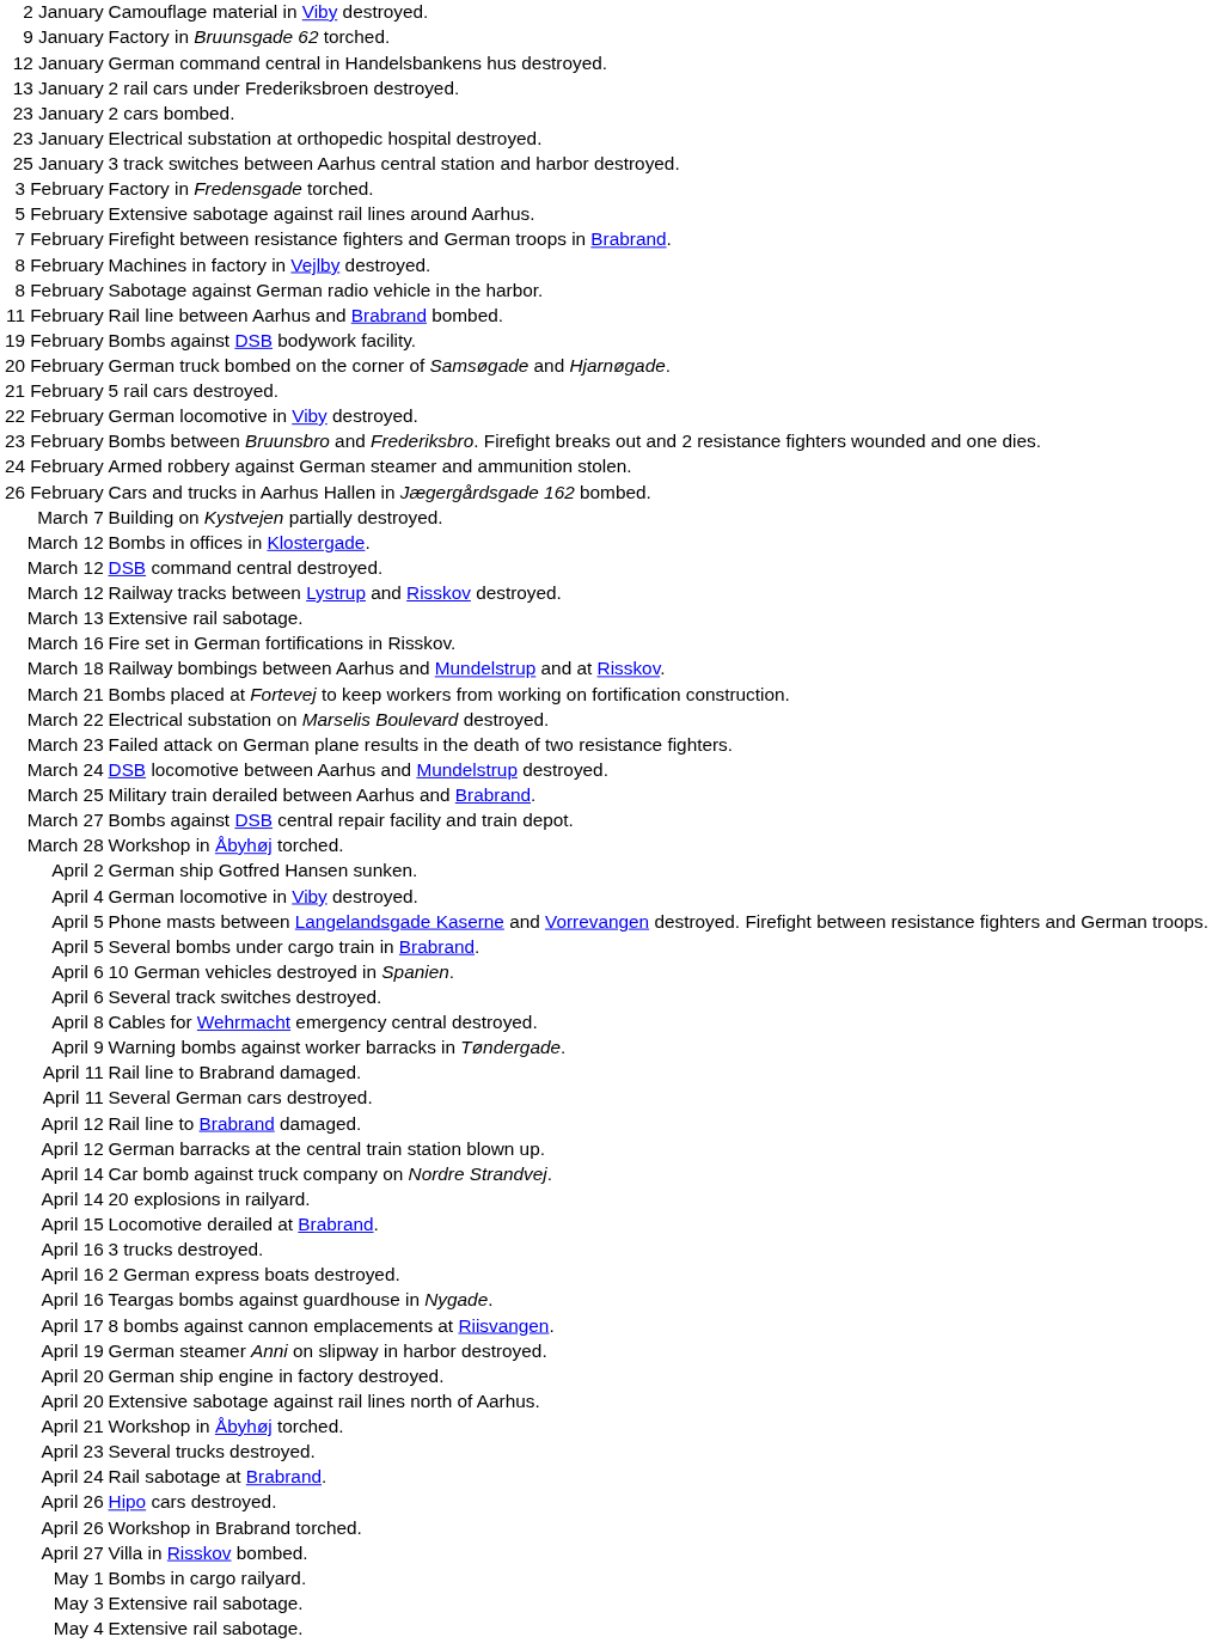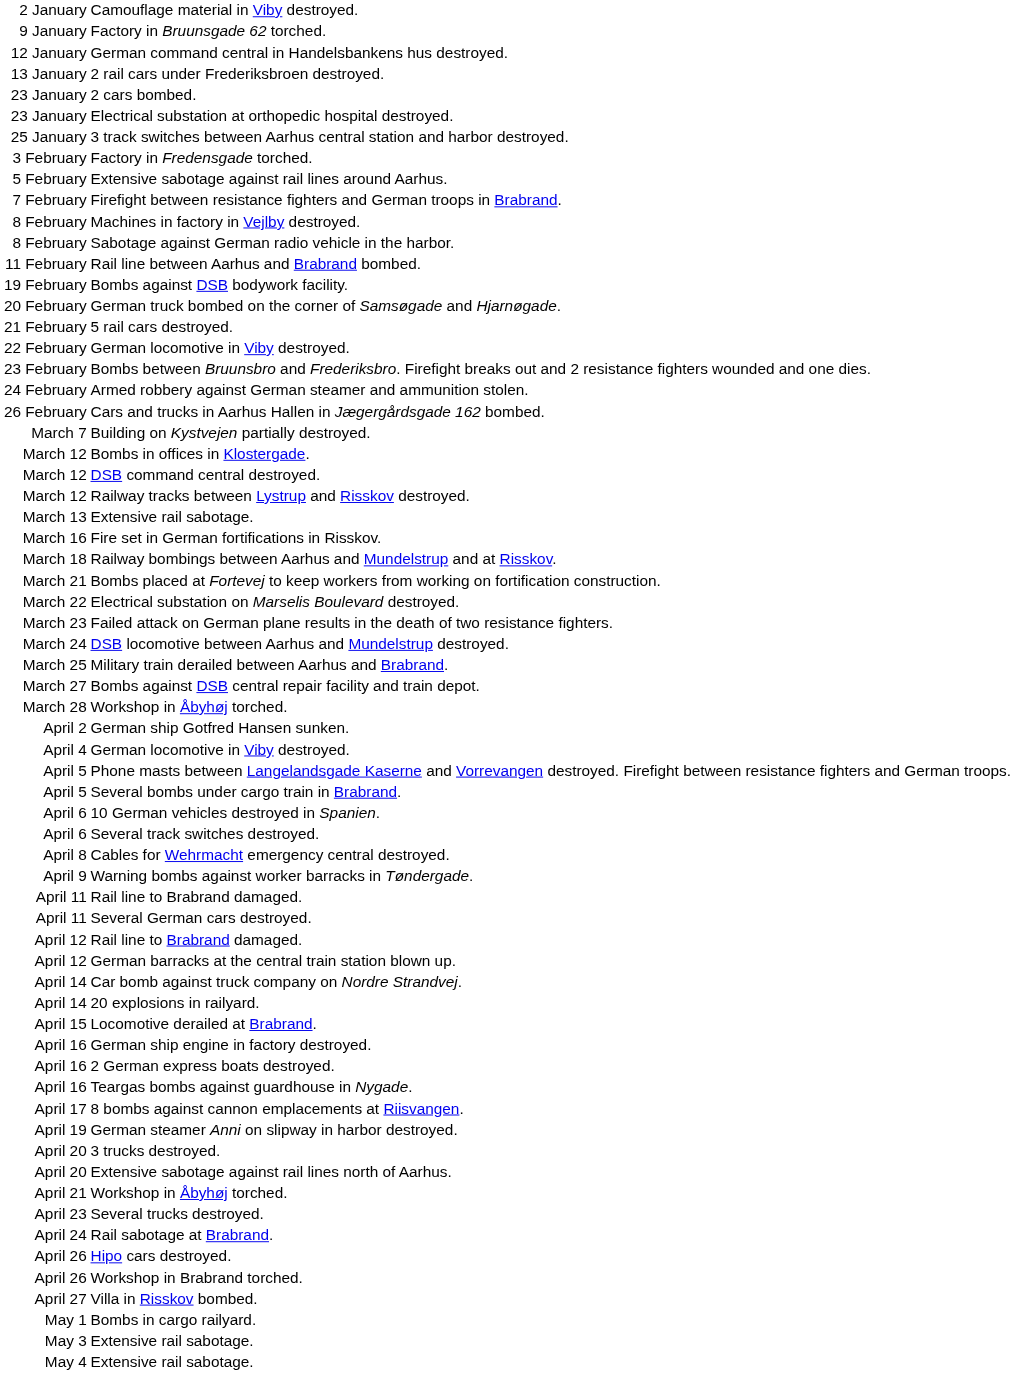 <table>
 <tr>
 <td align="right">2 January</td>
 <td>Camouflage material in <a href='#'>Viby</a> destroyed.</td>
 </tr>
 <tr>
 <td align="right">9 January</td>
 <td>Factory in <em>Bruunsgade 62</em> torched.</td>
 </tr>
 <tr>
 <td align="right">12 January</td>
 <td>German command central in Handelsbankens hus destroyed.</td>
 </tr>
 <tr>
 <td align="right">13 January</td>
 <td>2 rail cars under Frederiksbroen destroyed.</td>
 </tr>
 <tr>
 <td align="right">23 January</td>
 <td>2 cars bombed.</td>
 </tr>
 <tr>
 <td align="right">23 January</td>
 <td>Electrical substation at orthopedic hospital destroyed.</td>
 </tr>
 <tr>
 <td align="right">25 January</td>
 <td>3 track switches between Aarhus central station and harbor destroyed.</td>
 </tr>
 <tr>
 <td align="right">3 February</td>
 <td>Factory in <em>Fredensgade</em> torched.</td>
 </tr>
 <tr>
 <td align="right">5 February</td>
 <td>Extensive sabotage against rail lines around Aarhus.</td>
 </tr>
 <tr>
 <td align="right">7 February</td>
 <td>Firefight between resistance fighters and German troops in <a href='#'>Brabrand</a>.</td>
 </tr>
 <tr>
 <td align="right">8 February</td>
 <td>Machines in factory in <a href='#'>Vejlby</a> destroyed.</td>
 </tr>
 <tr>
 <td align="right">8 February</td>
 <td>Sabotage against German radio vehicle in the harbor.</td>
 </tr>
 <tr>
 <td align="right">11 February</td>
 <td>Rail line between Aarhus and <a href='#'>Brabrand</a> bombed.</td>
 </tr>
 <tr>
 <td align="right">19 February</td>
 <td>Bombs against <a href='#'>DSB</a> bodywork facility.</td>
 </tr>
 <tr>
 <td align="right">20 February</td>
 <td>German truck bombed on the corner of <em>Samsøgade</em> and <em>Hjarnøgade</em>.</td>
 </tr>
 <tr>
 <td align="right">21 February</td>
 <td>5 rail cars destroyed.</td>
 </tr>
 <tr>
 <td align="right">22 February</td>
 <td>German locomotive in <a href='#'>Viby</a> destroyed.</td>
 </tr>
 <tr>
 <td align="right">23 February</td>
 <td>Bombs between <em>Bruunsbro</em> and <em>Frederiksbro</em>. Firefight breaks out and 2 resistance fighters wounded and one dies.</td>
 </tr>
 <tr>
 <td align="right">24 February</td>
 <td>Armed robbery against German steamer and ammunition stolen.</td>
 </tr>
 <tr>
 <td align="right">26 February</td>
 <td>Cars and trucks in Aarhus Hallen in <em>Jægergårdsgade 162</em> bombed.</td>
 </tr>
 <tr>
 <td align="right">March 7</td>
 <td>Building on <em>Kystvejen</em> partially destroyed.</td>
 </tr>
 <tr>
 <td align="right">March 12</td>
 <td>Bombs in offices in <a href='#'>Klostergade</a>.</td>
 </tr>
 <tr>
 <td align="right">March 12</td>
 <td><a href='#'>DSB</a> command central destroyed.</td>
 </tr>
 <tr>
 <td align="right">March 12</td>
 <td>Railway tracks between <a href='#'>Lystrup</a> and <a href='#'>Risskov</a> destroyed.</td>
 </tr>
 <tr>
 <td align="right">March 13</td>
 <td>Extensive rail sabotage.</td>
 </tr>
 <tr>
 <td align="right">March 16</td>
 <td>Fire set in German fortifications in Risskov.</td>
 </tr>
 <tr>
 <td align="right">March 18</td>
 <td>Railway bombings between Aarhus and <a href='#'>Mundelstrup</a> and at <a href='#'>Risskov</a>.</td>
 </tr>
 <tr>
 <td align="right">March 21</td>
 <td>Bombs placed at <em>Fortevej</em> to keep workers from working on fortification construction.</td>
 </tr>
 <tr>
 <td align="right">March 22</td>
 <td>Electrical substation on <em>Marselis Boulevard</em> destroyed.</td>
 </tr>
 <tr>
 <td align="right">March 23</td>
 <td>Failed attack on German plane results in the death of two resistance fighters.</td>
 </tr>
 <tr>
 <td align="right">March 24</td>
 <td><a href='#'>DSB</a> locomotive between Aarhus and <a href='#'>Mundelstrup</a> destroyed.</td>
 </tr>
 <tr>
 <td align="right">March 25</td>
 <td>Military train derailed between Aarhus and <a href='#'>Brabrand</a>.</td>
 </tr>
 <tr>
 <td align="right">March 27</td>
 <td>Bombs against <a href='#'>DSB</a> central repair facility and train depot.</td>
 </tr>
 <tr>
 <td align="right">March 28</td>
 <td>Workshop in <a href='#'>Åbyhøj</a> torched.</td>
 </tr>
 <tr>
 <td align="right">April 2</td>
 <td>German ship Gotfred Hansen sunken.</td>
 </tr>
 <tr>
 <td align="right">April 4</td>
 <td>German locomotive in <a href='#'>Viby</a> destroyed.</td>
 </tr>
 <tr>
 <td align="right">April 5</td>
 <td>Phone masts between <a href='#'>Langelandsgade Kaserne</a> and <a href='#'>Vorrevangen</a> destroyed. Firefight between resistance fighters and German troops.</td>
 </tr>
 <tr>
 <td align="right">April 5</td>
 <td>Several bombs under cargo train in <a href='#'>Brabrand</a>.</td>
 </tr>
 <tr>
 <td align="right">April 6</td>
 <td>10 German vehicles destroyed in <em>Spanien</em>.</td>
 </tr>
 <tr>
 <td align="right">April 6</td>
 <td>Several track switches destroyed.</td>
 </tr>
 <tr>
 <td align="right">April 8</td>
 <td>Cables for <a href='#'>Wehrmacht</a> emergency central destroyed.</td>
 </tr>
 <tr>
 <td align="right">April 9</td>
 <td>Warning bombs against worker barracks in <em>Tøndergade</em>.</td>
 </tr>
 <tr>
 <td align="right">April 11</td>
 <td>Rail line to Brabrand damaged.</td>
 </tr>
 <tr>
 <td align="right">April 11</td>
 <td>Several German cars destroyed.</td>
 </tr>
 <tr>
 <td align="right">April 12</td>
 <td>Rail line to <a href='#'>Brabrand</a> damaged.</td>
 </tr>
 <tr>
 <td align="right">April 12</td>
 <td>German barracks at the central train station blown up.</td>
 </tr>
 <tr>
 <td align="right">April 14</td>
 <td>Car bomb against truck company on <em>Nordre Strandvej</em>.</td>
 </tr>
 <tr>
 <td align="right">April 14</td>
 <td>20 explosions in railyard.</td>
 </tr>
 <tr>
 <td align="right">April 15</td>
 <td>Locomotive derailed at <a href='#'>Brabrand</a>.</td>
 </tr>
 <tr>
 <td align="right">April 16</td>
-<td>3 trucks destroyed.</td>
+<td>German ship engine in factory destroyed.</td>
 </tr>
 <tr>
 <td align="right">April 16</td>
 <td>2 German express boats destroyed.</td>
 </tr>
 <tr>
 <td align="right">April 16</td>
 <td>Teargas bombs against guardhouse in <em>Nygade</em>.</td>
 </tr>
 <tr>
 <td align="right">April 17</td>
 <td>8 bombs against cannon emplacements at <a href='#'>Riisvangen</a>.</td>
 </tr>
 <tr>
 <td align="right">April 19</td>
 <td>German steamer <em>Anni</em> on slipway in harbor destroyed.</td>
 </tr>
 <tr>
 <td align="right">April 20</td>
-<td>German ship engine in factory destroyed.</td>
+<td>3 trucks destroyed.</td>
 </tr>
 <tr>
 <td align="right">April 20</td>
 <td>Extensive sabotage against rail lines north of Aarhus.</td>
 </tr>
 <tr>
 <td align="right">April 21</td>
 <td>Workshop in <a href='#'>Åbyhøj</a> torched.</td>
 </tr>
 <tr>
 <td align="right">April 23</td>
 <td>Several trucks destroyed.</td>
 </tr>
 <tr>
 <td align="right">April 24</td>
 <td>Rail sabotage at <a href='#'>Brabrand</a>.</td>
 </tr>
 <tr>
 <td align="right">April 26</td>
 <td><a href='#'>Hipo</a> cars destroyed.</td>
 </tr>
 <tr>
 <td align="right">April 26</td>
 <td>Workshop in Brabrand torched.</td>
 </tr>
 <tr>
 <td align="right">April 27</td>
 <td>Villa in <a href='#'>Risskov</a> bombed.</td>
 </tr>
 <tr>
 <td align="right">May 1</td>
 <td>Bombs in cargo railyard.</td>
 </tr>
 <tr>
 <td align="right">May 3</td>
 <td>Extensive rail sabotage.</td>
 </tr>
 <tr>
 <td align="right">May 4</td>
 <td>Extensive rail sabotage.</td>
 </tr>
 </table>
